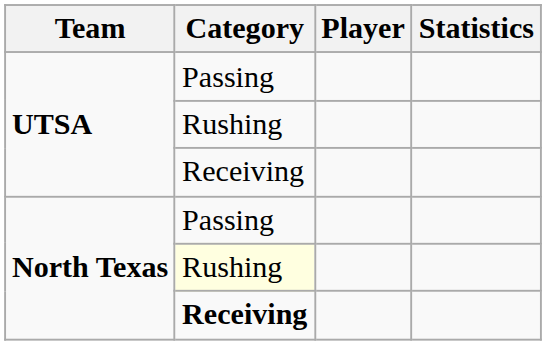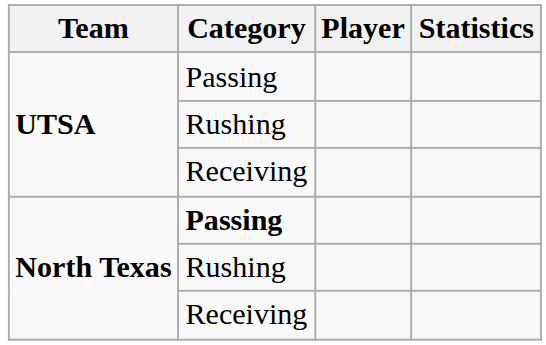 <table class="wikitable" style="float: right;">
 <tr>
 <th>Team</th>
 <th>Category</th>
 <th>Player</th>
 <th>Statistics</th>
 </tr>
 <tr>
 <td rowspan=3><strong>UTSA</strong></td>
 <td>Passing</td>
 <td></td>
 <td></td>
 </tr>
 <tr>
 <td>Rushing</td>
 <td></td>
 <td></td>
 </tr>
 <tr>
 <td>Receiving</td>
 <td></td>
 <td></td>
 </tr>
 <tr>
 <td rowspan=3><strong>North Texas</strong></td>
-<td>Passing</td>
+<td><strong>Passing</strong></td>
 <td></td>
 <td></td>
 </tr>
 <tr>
-<td style="background: lightyellow;">Rushing</td>
+<td>Rushing</td>
 <td></td>
 <td></td>
 </tr>
 <tr>
-<td><strong>Receiving</strong></td>
+<td>Receiving</td>
 <td></td>
 <td></td>
 </tr>
 </table>
